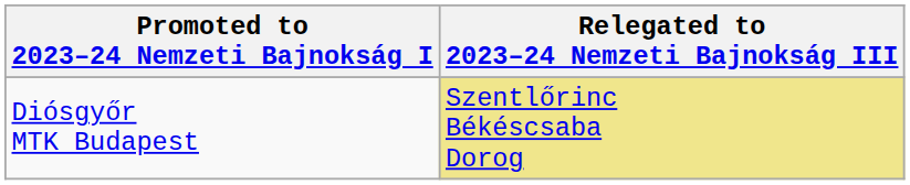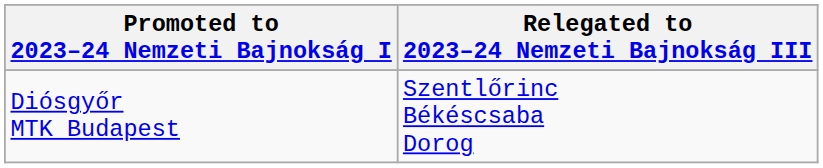 <table class="wikitable">
 <tr>
 <th>Promoted to<br><a href='#'>2023–24 Nemzeti Bajnokság I</a></th>
 <th>Relegated to<br><a href='#'>2023–24 Nemzeti Bajnokság III</a></th>
 </tr>
 <tr>
 <td> <a href='#'>Diósgyőr</a><br> <a href='#'>MTK Budapest</a></td>
-<td style="background: khaki;"> <a href='#'>Szentlőrinc</a><br> <a href='#'>Békéscsaba</a><br> <a href='#'>Dorog</a></td>
+<td> <a href='#'>Szentlőrinc</a><br> <a href='#'>Békéscsaba</a><br> <a href='#'>Dorog</a></td>
 </tr>
 </table>
